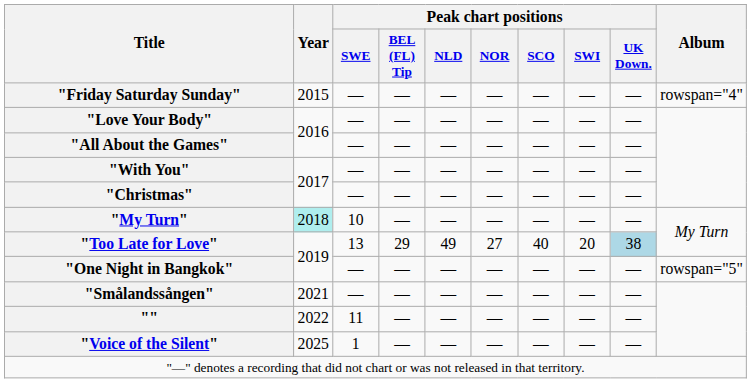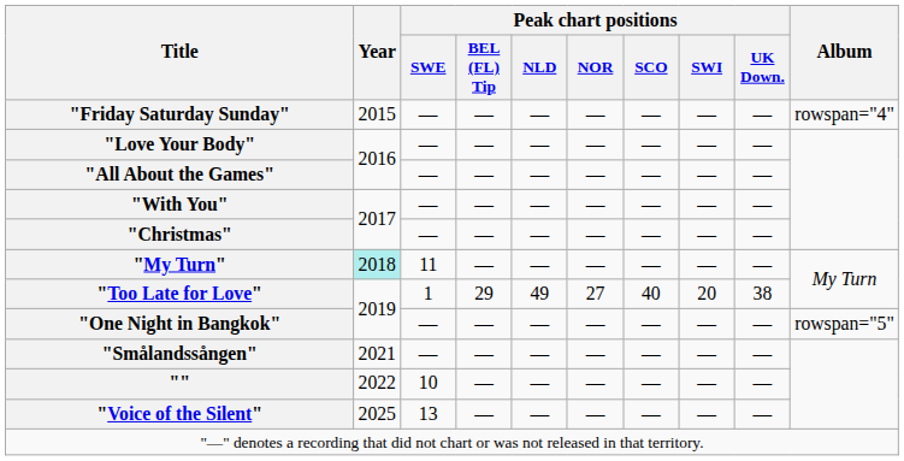 <table class="wikitable plainrowheaders" style="text-align:center;">
 <tr>
 <th scope="col" rowspan="2" style="width:18em;">Title</th>
 <th scope="col" rowspan="2" style="width:1em;">Year</th>
 <th scope="col" colspan="7">Peak chart positions</th>
 <th scope="col" rowspan="2">Album</th>
 </tr>
 <tr>
 <th scope="col" style="width:3em;font-size:85%;"><a href='#'>SWE</a><br></th>
 <th scope="col" style="width:3em;font-size:85%;"><a href='#'>BEL<br>(FL)<br>Tip</a><br></th>
 <th scope="col" style="width:3em;font-size:85%;"><a href='#'>NLD</a><br></th>
 <th scope="col" style="width:3em;font-size:85%;"><a href='#'>NOR</a><br></th>
 <th scope="col" style="width:3em;font-size:85%;"><a href='#'>SCO</a><br></th>
 <th scope="col" style="width:3em;font-size:85%;"><a href='#'>SWI</a><br></th>
 <th scope="col" style="width:3em;font-size:85%;"><a href='#'>UK<br>Down.</a><br></th>
 </tr>
 <tr>
 <th scope="row">"Friday Saturday Sunday"</th>
 <td>2015</td>
 <td>—</td>
 <td>—</td>
 <td>—</td>
 <td>—</td>
 <td>—</td>
 <td>—</td>
 <td>—</td>
 <td>rowspan="4" </td>
 </tr>
 <tr>
 <th scope="row">"Love Your Body"</th>
 <td rowspan="2">2016</td>
 <td>—</td>
 <td>—</td>
 <td>—</td>
 <td>—</td>
 <td>—</td>
 <td>—</td>
 <td>—</td>
 </tr>
 <tr>
 <th scope="row">"All About the Games"</th>
 <td>—</td>
 <td>—</td>
 <td>—</td>
 <td>—</td>
 <td>—</td>
 <td>—</td>
 <td>—</td>
 </tr>
 <tr>
 <th scope="row">"With You"</th>
 <td rowspan="2">2017</td>
 <td>—</td>
 <td>—</td>
 <td>—</td>
 <td>—</td>
 <td>—</td>
 <td>—</td>
 <td>—</td>
 </tr>
 <tr>
 <th scope="row">"Christmas"</th>
 <td>—</td>
 <td>—</td>
 <td>—</td>
 <td>—</td>
 <td>—</td>
 <td>—</td>
 <td>—</td>
 </tr>
 <tr>
 <th scope="row">"<a href='#'>My Turn</a>"</th>
 <td style="background: paleturquoise;">2018</td>
-<td>10</td>
+<td>11</td>
 <td>—</td>
 <td>—</td>
 <td>—</td>
 <td>—</td>
 <td>—</td>
 <td>—</td>
 <td rowspan="2"><em>My Turn</em></td>
 </tr>
 <tr>
 <th scope="row">"<a href='#'>Too Late for Love</a>"</th>
 <td rowspan="2">2019</td>
-<td>13<br></td>
+<td>1</td>
 <td>29</td>
 <td>49</td>
 <td>27</td>
 <td>40</td>
 <td>20</td>
-<td style="background: lightblue;">38</td>
+<td>38</td>
 </tr>
 <tr>
 <th scope="row">"One Night in Bangkok"</th>
 <td>—</td>
 <td>—</td>
 <td>—</td>
 <td>—</td>
 <td>—</td>
 <td>—</td>
 <td>—</td>
 <td>rowspan="5" </td>
 </tr>
 <tr>
 <th scope="row">"Smålandssången"</th>
 <td>2021</td>
 <td>—</td>
 <td>—</td>
 <td>—</td>
 <td>—</td>
 <td>—</td>
 <td>—</td>
 <td>—</td>
 </tr>
 <tr>
 <th scope="row">""</th>
 <td>2022</td>
-<td>11</td>
+<td>10</td>
 <td>—</td>
 <td>—</td>
 <td>—</td>
 <td>—</td>
 <td>—</td>
 <td>—</td>
 </tr>
 <tr>
 <th scope="row">"<a href='#'>Voice of the Silent</a>"</th>
 <td>2025</td>
-<td>1</td>
+<td>13<br></td>
 <td>—</td>
 <td>—</td>
 <td>—</td>
 <td>—</td>
 <td>—</td>
 <td>—</td>
 </tr>
 <tr>
 <td colspan="14" style="font-size:85%">"—" denotes a recording that did not chart or was not released in that territory.</td>
 </tr>
 </table>
